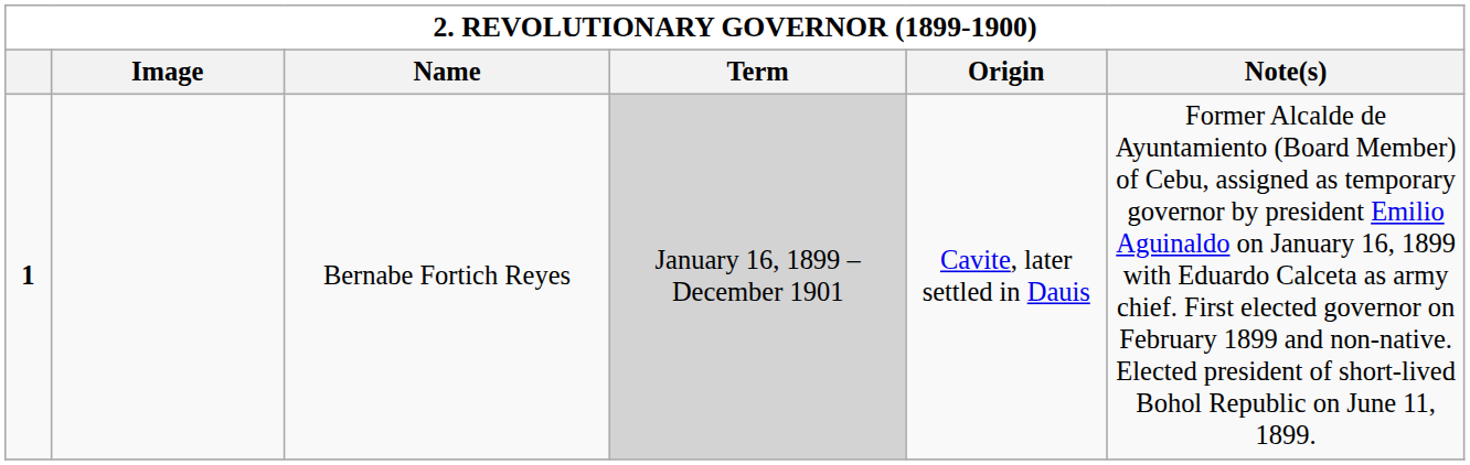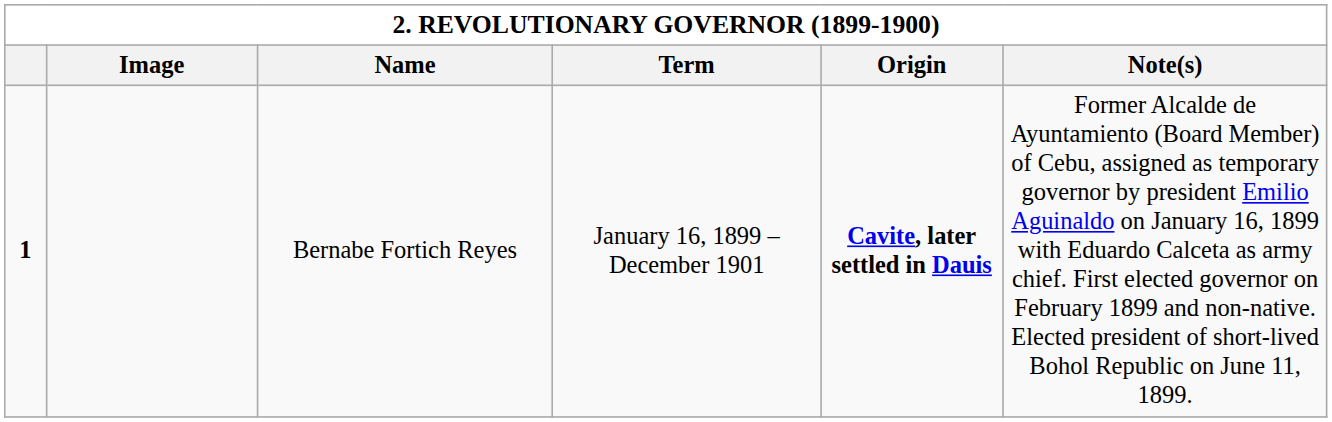 <table class="wikitable collapsible collapsed" style="vertical-align:top;text-align:center;font-size:95%;">
 <tr>
 <th style="background-color:white;font-size:105%;width:51em;" colspan=6>2. REVOLUTIONARY GOVERNOR (1899-1900)</th>
 </tr>
 <tr>
 <th style="width: 1em;text-align:center"></th>
 <th style="width: 7em;text-align:center">Image</th>
 <th style="width: 10em;text-align:center">Name</th>
 <th style="width: 9em;text-align:center">Term</th>
 <th style="width: 6em;text-align:center">Origin</th>
 <th style="width: 11em;text-align:center">Note(s)</th>
 </tr>
 <tr>
 <td><strong>1</strong></td>
 <td></td>
 <td>Bernabe Fortich Reyes</td>
-<td style="background: lightgrey;">January 16, 1899 – December 1901</td>
-<td><a href='#'>Cavite</a>, later settled in <a href='#'>Dauis</a></td>
+<td>January 16, 1899 – December 1901</td>
+<td><strong><a href='#'>Cavite</a>, later settled in <a href='#'>Dauis</a></strong></td>
 <td>Former Alcalde de Ayuntamiento (Board Member) of Cebu, assigned as temporary governor by president <a href='#'>Emilio Aguinaldo</a> on January 16, 1899 with Eduardo Calceta as army chief. First elected governor on February 1899 and non-native. Elected president of short-lived Bohol Republic on June 11, 1899.</td>
 </tr>
 </table>
